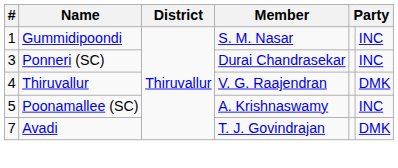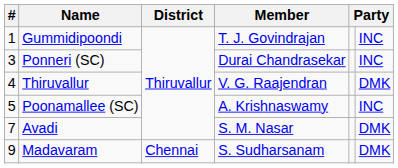 <table class="wikitable">
 <tr>
 <th>#</th>
 <th>Name</th>
 <th>District</th>
 <th>Member</th>
 <th colspan="2">Party</th>
 </tr>
 <tr>
 <td>1</td>
 <td><a href='#'>Gummidipoondi</a></td>
 <td rowspan="5"><a href='#'>Thiruvallur</a></td>
-<td><a href='#'>S. M. Nasar</a></td>
+<td><a href='#'>T. J. Govindrajan</a></td>
 <td style="background-color: "></td>
 <td><a href='#'>INC</a></td>
 </tr>
 <tr>
 <td>3</td>
 <td><a href='#'>Ponneri</a> (SC)</td>
 <td><a href='#'>Durai Chandrasekar</a></td>
 <td style="background-color: "></td>
 <td><a href='#'>INC</a></td>
 </tr>
 <tr>
 <td>4</td>
 <td><a href='#'>Thiruvallur</a></td>
 <td><a href='#'>V. G. Raajendran</a></td>
 <td style="background-color: "></td>
 <td><a href='#'>DMK</a></td>
 </tr>
 <tr>
 <td>5</td>
 <td><a href='#'>Poonamallee</a> (SC)</td>
 <td><a href='#'>A. Krishnaswamy</a></td>
 <td style="background-color: "></td>
 <td><a href='#'>INC</a></td>
 </tr>
 <tr>
 <td>7</td>
 <td><a href='#'>Avadi</a></td>
-<td><a href='#'>T. J. Govindrajan</a></td>
+<td><a href='#'>S. M. Nasar</a></td>
+<td style="background-color: "></td>
+<td><a href='#'>DMK</a></td>
+</tr>
+<tr>
+<td>9</td>
+<td><a href='#'>Madavaram</a></td>
+<td><a href='#'>Chennai</a></td>
+<td><a href='#'>S. Sudharsanam</a></td>
 <td style="background-color: "></td>
 <td><a href='#'>DMK</a></td>
 </tr>
 </table>
